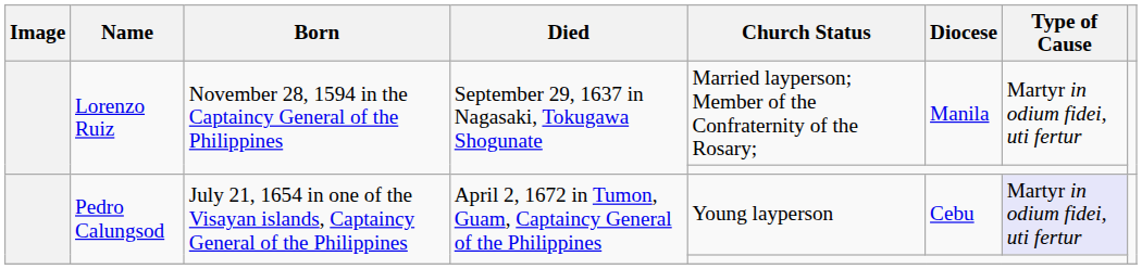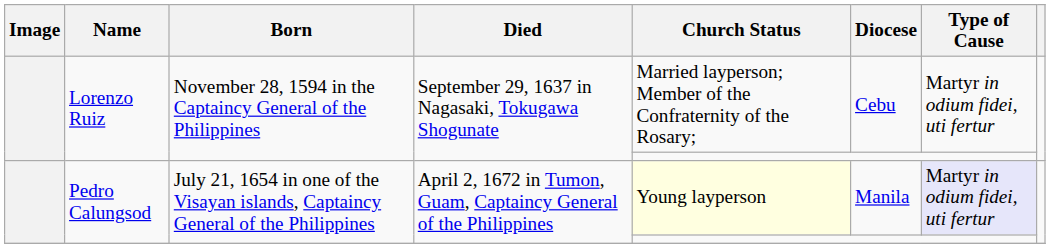 <table class="wikitable">
 <tr>
 <th class="unportable">Image</th>
 <th>Name</th>
 <th>Born</th>
 <th>Died</th>
 <th>Church Status</th>
 <th>Diocese</th>
 <th>Type of Cause</th>
 <th></th>
 </tr>
 <tr>
 <th scope="row" rowspan="2"></th>
 <td rowspan="2"><a href='#'>Lorenzo Ruiz</a></td>
 <td rowspan="2">November 28, 1594 in the <a href='#'>Captaincy General of the Philippines</a></td>
 <td rowspan="2">September 29, 1637 in Nagasaki, <a href='#'>Tokugawa Shogunate</a></td>
 <td>Married layperson; Member of the Confraternity of the Rosary;</td>
-<td><a href='#'>Manila</a></td>
+<td><a href='#'>Cebu</a></td>
 <td>Martyr <em>in odium fidei, uti fertur</em></td>
 <td rowspan=2></td>
 </tr>
 <tr>
 <td colspan="3"></td>
 </tr>
 <tr>
 <th scope="row" rowspan="2"><br></th>
 <td rowspan="2"><a href='#'>Pedro Calungsod</a></td>
 <td rowspan="2">July 21, 1654 in one of the <a href='#'>Visayan islands</a>, <a href='#'>Captaincy General of the Philippines</a></td>
 <td rowspan="2">April 2, 1672 in <a href='#'>Tumon</a>, <a href='#'>Guam</a>, <a href='#'>Captaincy General of the Philippines</a></td>
-<td>Young layperson</td>
-<td><a href='#'>Cebu</a></td>
+<td style="background: lightyellow;">Young layperson</td>
+<td><a href='#'>Manila</a></td>
 <td style="background: lavender;">Martyr <em>in odium fidei, uti fertur</em></td>
 <td rowspan=2></td>
 </tr>
 <tr>
 <td colspan="3"></td>
 </tr>
 <tr>
 </tr>
 </table>
